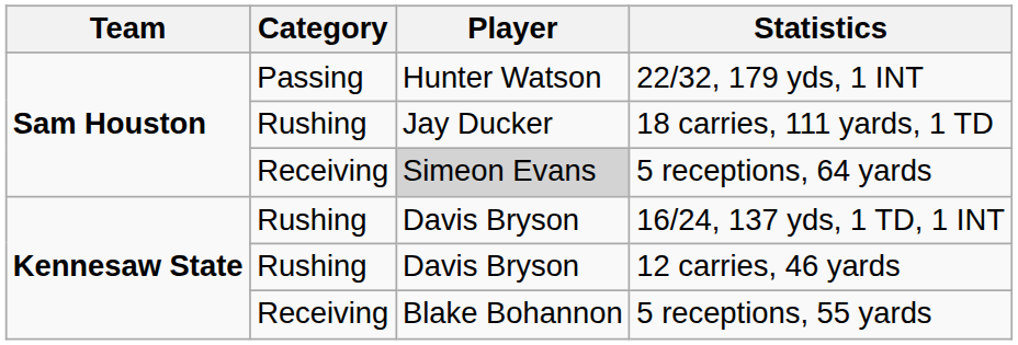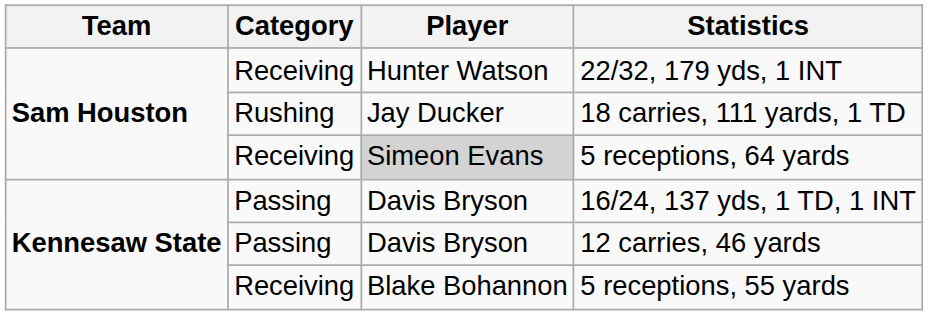 <table class="wikitable" style="float: right;">
 <tr>
 <th>Team</th>
 <th>Category</th>
 <th>Player</th>
 <th>Statistics</th>
 </tr>
 <tr>
 <td rowspan=3><strong>Sam Houston</strong></td>
-<td>Passing</td>
+<td>Receiving</td>
 <td>Hunter Watson</td>
 <td>22/32, 179 yds, 1 INT</td>
 </tr>
 <tr>
 <td>Rushing</td>
 <td>Jay Ducker</td>
 <td>18 carries, 111 yards, 1 TD</td>
 </tr>
 <tr>
 <td>Receiving</td>
 <td style="background: lightgrey;">Simeon Evans</td>
 <td>5 receptions, 64 yards</td>
 </tr>
 <tr>
 <td rowspan=3><strong>Kennesaw State</strong></td>
-<td>Rushing</td>
+<td>Passing</td>
 <td>Davis Bryson</td>
 <td>16/24, 137 yds, 1 TD, 1 INT</td>
 </tr>
 <tr>
-<td>Rushing</td>
+<td>Passing</td>
 <td>Davis Bryson</td>
 <td>12 carries, 46 yards</td>
 </tr>
 <tr>
 <td>Receiving</td>
 <td>Blake Bohannon</td>
 <td>5 receptions, 55 yards</td>
 </tr>
 </table>
